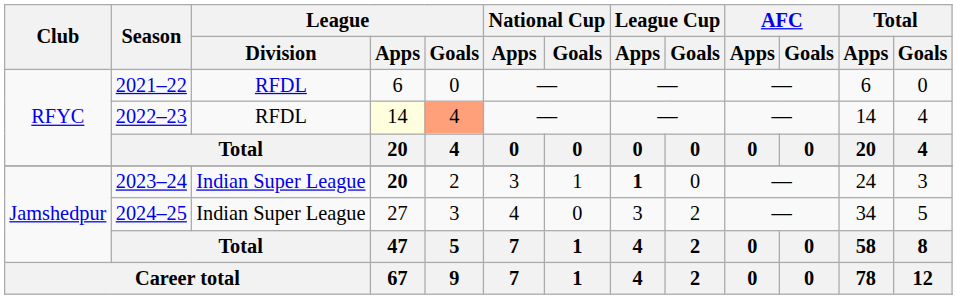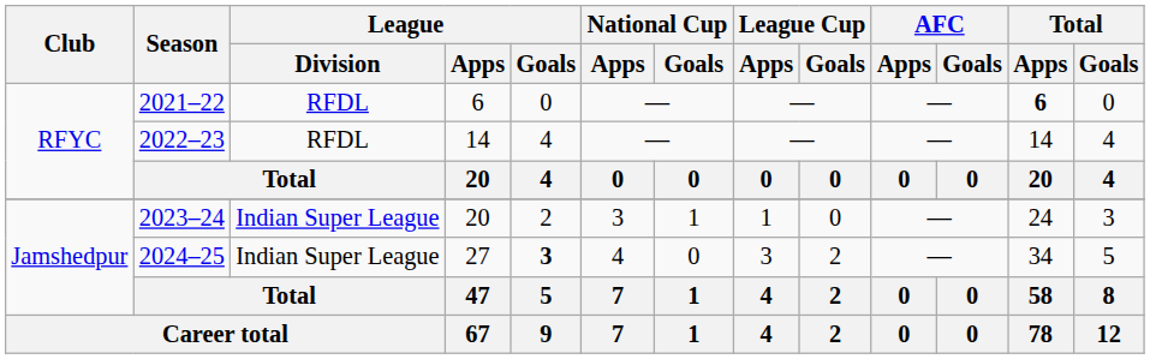 <table class="wikitable" style="text-align: center;">
 <tr>
 <th rowspan="2">Club</th>
 <th rowspan="2">Season</th>
 <th colspan="3">League</th>
 <th colspan="2">National Cup</th>
 <th colspan="2">League Cup</th>
 <th colspan="2"><a href='#'>AFC</a></th>
 <th colspan="2">Total</th>
 </tr>
 <tr>
 <th>Division</th>
 <th>Apps</th>
 <th>Goals</th>
 <th>Apps</th>
 <th>Goals</th>
 <th>Apps</th>
 <th>Goals</th>
 <th>Apps</th>
 <th>Goals</th>
 <th>Apps</th>
 <th>Goals</th>
 </tr>
 <tr>
 <td rowspan="3"><a href='#'>RFYC</a></td>
 <td><a href='#'>2021–22</a></td>
 <td><a href='#'>RFDL</a></td>
 <td>6</td>
 <td>0</td>
 <td colspan="2">—</td>
 <td colspan="2">—</td>
 <td colspan="2">—</td>
-<td>6</td>
+<td><strong>6</strong></td>
 <td>0</td>
 </tr>
 <tr>
 <td><a href='#'>2022–23</a></td>
 <td>RFDL</td>
-<td style="background: lightyellow;">14</td>
-<td style="background: lightsalmon;">4</td>
+<td>14</td>
+<td>4</td>
 <td colspan="2">—</td>
 <td colspan="2">—</td>
 <td colspan="2">—</td>
 <td>14</td>
 <td>4</td>
 </tr>
 <tr>
 <th colspan="2">Total</th>
 <th>20</th>
 <th>4</th>
 <th>0</th>
 <th>0</th>
 <th>0</th>
 <th>0</th>
 <th>0</th>
 <th>0</th>
 <th>20</th>
 <th>4</th>
 </tr>
 <tr>
 </tr>
 <tr>
 <td rowspan="3"><a href='#'>Jamshedpur</a></td>
 <td><a href='#'>2023–24</a></td>
 <td><a href='#'>Indian Super League</a></td>
-<td><strong>20</strong></td>
+<td>20</td>
 <td>2</td>
 <td>3</td>
 <td>1</td>
-<td><strong>1</strong></td>
+<td>1</td>
 <td>0</td>
 <td colspan="2">—</td>
 <td>24</td>
 <td>3</td>
 </tr>
 <tr>
 <td><a href='#'>2024–25</a></td>
 <td>Indian Super League</td>
 <td>27</td>
-<td>3</td>
+<td><strong>3</strong></td>
 <td>4</td>
 <td>0</td>
 <td>3</td>
 <td>2</td>
 <td colspan="2">—</td>
 <td>34</td>
 <td>5</td>
 </tr>
 <tr>
 <th colspan="2">Total</th>
 <th>47</th>
 <th>5</th>
 <th>7</th>
 <th>1</th>
 <th>4</th>
 <th>2</th>
 <th>0</th>
 <th>0</th>
 <th>58</th>
 <th>8</th>
 </tr>
 <tr>
 <th colspan="3">Career total</th>
 <th>67</th>
 <th>9</th>
 <th>7</th>
 <th>1</th>
 <th>4</th>
 <th>2</th>
 <th>0</th>
 <th>0</th>
 <th>78</th>
 <th>12</th>
 </tr>
 </table>
